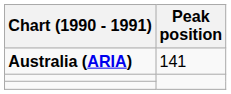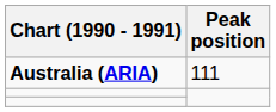 <table class="wikitable sortable">
 <tr>
 <th>Chart (1990 - 1991)</th>
 <th>Peak<br>position</th>
 </tr>
 <tr>
 <td><strong>Australia (<a href='#'>ARIA</a>)</strong></td>
-<td>141</td>
+<td>111</td>
 </tr>
 <tr>
 <td></td>
 </tr>
 <tr>
 <td></td>
 </tr>
 </table>
